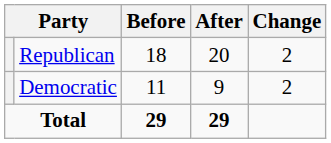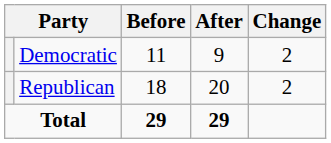 <table class="wikitable" style="text-align:center;">
 <tr>
 <th colspan="2">Party</th>
 <th>Before</th>
 <th>After</th>
 <th>Change</th>
 </tr>
 <tr>
 <th style="background-color:"></th>
-<td style="text-align:left;"><a href='#'>Republican</a></td>
-<td>18</td>
-<td>20</td>
+<td style="text-align:left;"><a href='#'>Democratic</a></td>
+<td>11</td>
+<td>9</td>
 <td> 2</td>
 </tr>
 <tr>
 <th style="background-color:"></th>
-<td style="text-align:left;"><a href='#'>Democratic</a></td>
-<td>11</td>
-<td>9</td>
+<td style="text-align:left;"><a href='#'>Republican</a></td>
+<td>18</td>
+<td>20</td>
 <td> 2</td>
 </tr>
 <tr>
 <td colspan="2"><strong>Total</strong></td>
 <td><strong>29</strong></td>
 <td><strong>29</strong></td>
 <td></td>
 </tr>
 </table>
